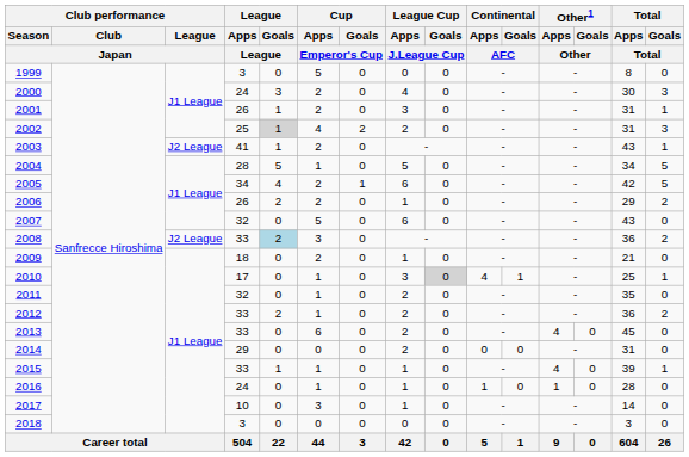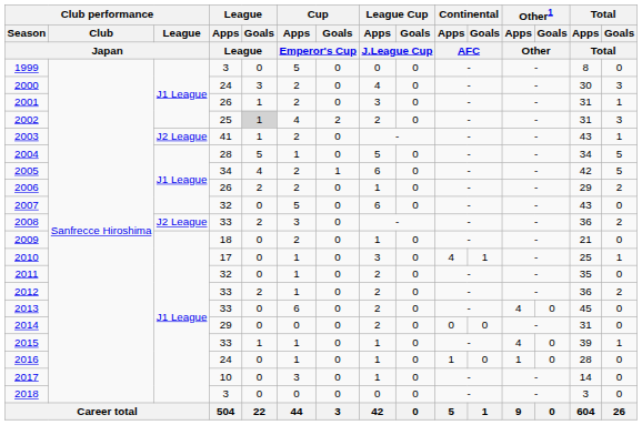 <table class="wikitable" style="text-align:center">
 <tr>
 <th colspan=3>Club performance</th>
 <th colspan=2>League</th>
 <th colspan=2>Cup</th>
 <th colspan=2>League Cup</th>
 <th colspan=2>Continental</th>
 <th colspan=2>Other<sup><a href='#'>1</a></sup></th>
 <th colspan=2>Total</th>
 </tr>
 <tr>
 <th>Season</th>
 <th>Club</th>
 <th>League</th>
 <th>Apps</th>
 <th>Goals</th>
 <th>Apps</th>
 <th>Goals</th>
 <th>Apps</th>
 <th>Goals</th>
 <th>Apps</th>
 <th>Goals</th>
 <th>Apps</th>
 <th>Goals</th>
 <th>Apps</th>
 <th>Goals</th>
 </tr>
 <tr>
 <th colspan=3>Japan</th>
 <th colspan=2>League</th>
 <th colspan=2><a href='#'>Emperor's Cup</a></th>
 <th colspan=2><a href='#'>J.League Cup</a></th>
 <th colspan=2><a href='#'>AFC</a></th>
 <th colspan=2>Other</th>
 <th colspan=2>Total</th>
 </tr>
 <tr>
 <td><a href='#'>1999</a></td>
 <td rowspan="20"><a href='#'>Sanfrecce Hiroshima</a></td>
 <td rowspan="4"><a href='#'>J1 League</a></td>
 <td>3</td>
 <td>0</td>
 <td>5</td>
 <td>0</td>
 <td>0</td>
 <td>0</td>
 <td colspan="2">-</td>
 <td colspan="2">-</td>
 <td>8</td>
 <td>0</td>
 </tr>
 <tr>
 <td><a href='#'>2000</a></td>
 <td>24</td>
 <td>3</td>
 <td>2</td>
 <td>0</td>
 <td>4</td>
 <td>0</td>
 <td colspan="2">-</td>
 <td colspan="2">-</td>
 <td>30</td>
 <td>3</td>
 </tr>
 <tr>
 <td><a href='#'>2001</a></td>
 <td>26</td>
 <td>1</td>
 <td>2</td>
 <td>0</td>
 <td>3</td>
 <td>0</td>
 <td colspan="2">-</td>
 <td colspan="2">-</td>
 <td>31</td>
 <td>1</td>
 </tr>
 <tr>
 <td><a href='#'>2002</a></td>
 <td>25</td>
 <td style="background: lightgrey;">1</td>
 <td>4</td>
 <td>2</td>
 <td>2</td>
 <td>0</td>
 <td colspan="2">-</td>
 <td colspan="2">-</td>
 <td>31</td>
 <td>3</td>
 </tr>
 <tr>
 <td><a href='#'>2003</a></td>
 <td><a href='#'>J2 League</a></td>
 <td>41</td>
 <td>1</td>
 <td>2</td>
 <td>0</td>
 <td colspan="2">-</td>
 <td colspan="2">-</td>
 <td colspan="2">-</td>
 <td>43</td>
 <td>1</td>
 </tr>
 <tr>
 <td><a href='#'>2004</a></td>
 <td rowspan="4"><a href='#'>J1 League</a></td>
 <td>28</td>
 <td>5</td>
 <td>1</td>
 <td>0</td>
 <td>5</td>
 <td>0</td>
 <td colspan="2">-</td>
 <td colspan="2">-</td>
 <td>34</td>
 <td>5</td>
 </tr>
 <tr>
 <td><a href='#'>2005</a></td>
 <td>34</td>
 <td>4</td>
 <td>2</td>
 <td>1</td>
 <td>6</td>
 <td>0</td>
 <td colspan="2">-</td>
 <td colspan="2">-</td>
 <td>42</td>
 <td>5</td>
 </tr>
 <tr>
 <td><a href='#'>2006</a></td>
 <td>26</td>
 <td>2</td>
 <td>2</td>
 <td>0</td>
 <td>1</td>
 <td>0</td>
 <td colspan="2">-</td>
 <td colspan="2">-</td>
 <td>29</td>
 <td>2</td>
 </tr>
 <tr>
 <td><a href='#'>2007</a></td>
 <td>32</td>
 <td>0</td>
 <td>5</td>
 <td>0</td>
 <td>6</td>
 <td>0</td>
 <td colspan="2">-</td>
 <td colspan="2">-</td>
 <td>43</td>
 <td>0</td>
 </tr>
 <tr>
 <td><a href='#'>2008</a></td>
 <td><a href='#'>J2 League</a></td>
 <td>33</td>
-<td style="background: lightblue;">2</td>
+<td>2</td>
 <td>3</td>
 <td>0</td>
 <td colspan="2">-</td>
 <td colspan="2">-</td>
 <td colspan="2">-</td>
 <td>36</td>
 <td>2</td>
 </tr>
 <tr>
 <td><a href='#'>2009</a></td>
 <td rowspan="10"><a href='#'>J1 League</a></td>
 <td>18</td>
 <td>0</td>
 <td>2</td>
 <td>0</td>
 <td>1</td>
 <td>0</td>
 <td colspan="2">-</td>
 <td colspan="2">-</td>
 <td>21</td>
 <td>0</td>
 </tr>
 <tr>
 <td><a href='#'>2010</a></td>
 <td>17</td>
 <td>0</td>
 <td>1</td>
 <td>0</td>
 <td>3</td>
-<td style="background: lightgrey;">0</td>
+<td>0</td>
 <td>4</td>
 <td>1</td>
 <td colspan="2">-</td>
 <td>25</td>
 <td>1</td>
 </tr>
 <tr>
 <td><a href='#'>2011</a></td>
 <td>32</td>
 <td>0</td>
 <td>1</td>
 <td>0</td>
 <td>2</td>
 <td>0</td>
 <td colspan="2">-</td>
 <td colspan="2">-</td>
 <td>35</td>
 <td>0</td>
 </tr>
 <tr>
 <td><a href='#'>2012</a></td>
 <td>33</td>
 <td>2</td>
 <td>1</td>
 <td>0</td>
 <td>2</td>
 <td>0</td>
 <td colspan="2">-</td>
 <td colspan="2">-</td>
 <td>36</td>
 <td>2</td>
 </tr>
 <tr>
 <td><a href='#'>2013</a></td>
 <td>33</td>
 <td>0</td>
 <td>6</td>
 <td>0</td>
 <td>2</td>
 <td>0</td>
 <td colspan="2">-</td>
 <td>4</td>
 <td>0</td>
 <td>45</td>
 <td>0</td>
 </tr>
 <tr>
 <td><a href='#'>2014</a></td>
 <td>29</td>
 <td>0</td>
 <td>0</td>
 <td>0</td>
 <td>2</td>
 <td>0</td>
 <td>0</td>
 <td>0</td>
 <td colspan="2">-</td>
 <td>31</td>
 <td>0</td>
 </tr>
 <tr>
 <td><a href='#'>2015</a></td>
 <td>33</td>
 <td>1</td>
 <td>1</td>
 <td>0</td>
 <td>1</td>
 <td>0</td>
 <td colspan="2">-</td>
 <td>4</td>
 <td>0</td>
 <td>39</td>
 <td>1</td>
 </tr>
 <tr>
 <td><a href='#'>2016</a></td>
 <td>24</td>
 <td>0</td>
 <td>1</td>
 <td>0</td>
 <td>1</td>
 <td>0</td>
 <td>1</td>
 <td>0</td>
 <td>1</td>
 <td>0</td>
 <td>28</td>
 <td>0</td>
 </tr>
 <tr>
 <td><a href='#'>2017</a></td>
 <td>10</td>
 <td>0</td>
 <td>3</td>
 <td>0</td>
 <td>1</td>
 <td>0</td>
 <td colspan="2">-</td>
 <td colspan="2">-</td>
 <td>14</td>
 <td>0</td>
 </tr>
 <tr>
 <td><a href='#'>2018</a></td>
 <td>3</td>
 <td>0</td>
 <td>0</td>
 <td>0</td>
 <td>0</td>
 <td>0</td>
 <td colspan="2">-</td>
 <td colspan="2">-</td>
 <td>3</td>
 <td>0</td>
 </tr>
 <tr>
 <th colspan=3>Career total</th>
 <th>504</th>
 <th>22</th>
 <th>44</th>
 <th>3</th>
 <th>42</th>
 <th>0</th>
 <th>5</th>
 <th>1</th>
 <th>9</th>
 <th>0</th>
 <th>604</th>
 <th>26</th>
 </tr>
 </table>
